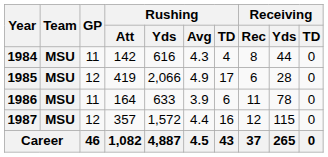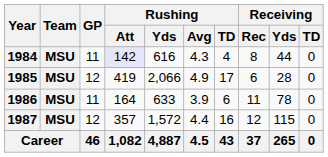 <table class="wikitable" style="text-align: center;">
 <tr>
 <th rowspan="2">Year</th>
 <th rowspan="2">Team</th>
 <th rowspan="2">GP</th>
 <th colspan="4">Rushing</th>
 <th colspan="3">Receiving</th>
 </tr>
 <tr>
 <th>Att</th>
 <th>Yds</th>
 <th>Avg</th>
 <th>TD</th>
 <th>Rec</th>
 <th>Yds</th>
 <th>TD</th>
 </tr>
 <tr>
 <th>1984</th>
 <th>MSU</th>
 <td>11</td>
-<td>142</td>
+<td style="background: lavender;">142</td>
 <td>616</td>
 <td>4.3</td>
 <td>4</td>
 <td>8</td>
 <td>44</td>
 <td>0</td>
 </tr>
 <tr>
 <th>1985</th>
 <th>MSU</th>
 <td>12</td>
 <td>419</td>
 <td>2,066</td>
 <td>4.9</td>
 <td>17</td>
 <td>6</td>
 <td>28</td>
 <td>0</td>
 </tr>
 <tr>
 <th>1986</th>
 <th>MSU</th>
 <td>11</td>
 <td>164</td>
 <td>633</td>
 <td>3.9</td>
 <td>6</td>
 <td>11</td>
 <td>78</td>
 <td>0</td>
 </tr>
 <tr>
 <th>1987</th>
 <th>MSU</th>
 <td>12</td>
 <td>357</td>
 <td>1,572</td>
 <td>4.4</td>
 <td>16</td>
 <td>12</td>
 <td>115</td>
 <td>0</td>
 </tr>
 <tr>
 <th colspan="2">Career</th>
 <th>46</th>
 <th>1,082</th>
 <th>4,887</th>
 <th>4.5</th>
 <th>43</th>
 <th>37</th>
 <th>265</th>
 <th>0</th>
 </tr>
 </table>
